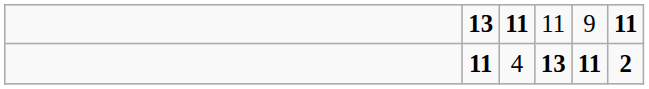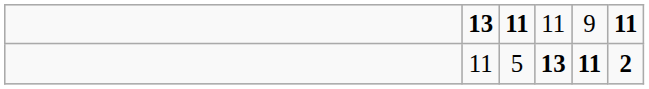 <table class="wikitable">
 <tr>
 <td style="width:18em"><strong></strong></td>
 <td align=center style="width:1em"><strong>13</strong></td>
 <td align=center style="width:1em"><strong>11</strong></td>
 <td align=center style="width:1em">11</td>
 <td align=center style="width:1em">9</td>
 <td align=center style="width:1em"><strong>11</strong></td>
 </tr>
 <tr>
 <td style="width:18em"></td>
-<td align=center style="width:1em"><strong>11</strong></td>
-<td align=center style="width:1em">4</td>
+<td align=center style="width:1em">11</td>
+<td align=center style="width:1em">5</td>
 <td align=center style="width:1em"><strong>13</strong></td>
 <td align=center style="width:1em"><strong>11</strong></td>
 <td align=center style="width:1em"><strong>2</strong></td>
 </tr>
 </table>
